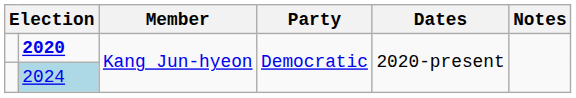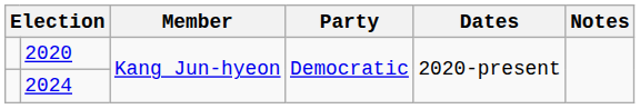 <table class="wikitable">
 <tr>
 <th colspan="2">Election</th>
 <th>Member</th>
 <th>Party</th>
 <th>Dates</th>
 <th>Notes</th>
 </tr>
 <tr>
 <td></td>
-<td><strong><a href='#'>2020</a></strong></td>
+<td><a href='#'>2020</a></td>
 <td rowspan="2"><a href='#'>Kang Jun-hyeon</a></td>
 <td rowspan="2"><a href='#'>Democratic</a></td>
 <td rowspan="2">2020-present</td>
 <td rowspan="2"></td>
 </tr>
 <tr>
 <td></td>
-<td style="background: lightblue;"><a href='#'>2024</a></td>
+<td><a href='#'>2024</a></td>
 </tr>
 </table>
